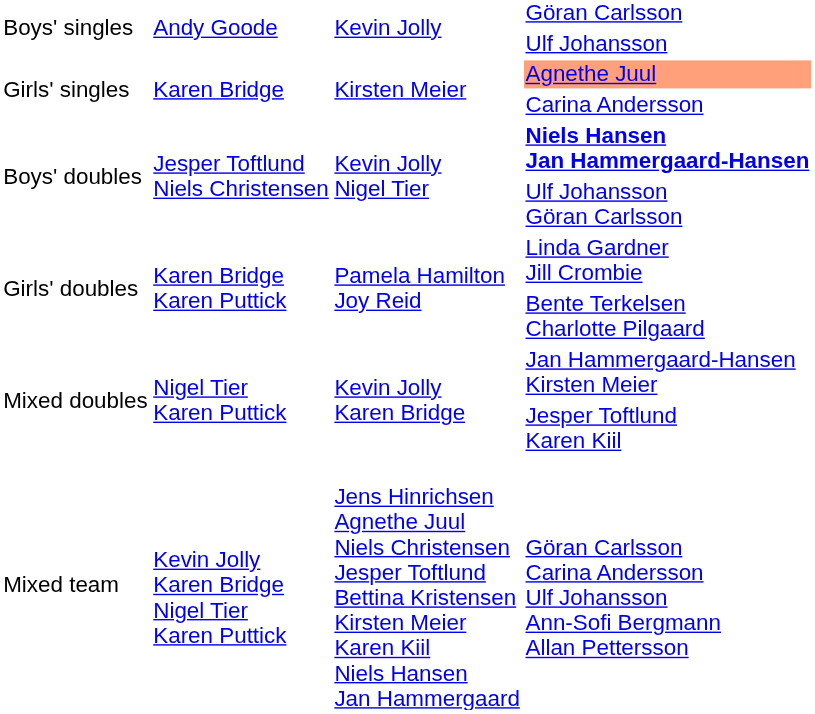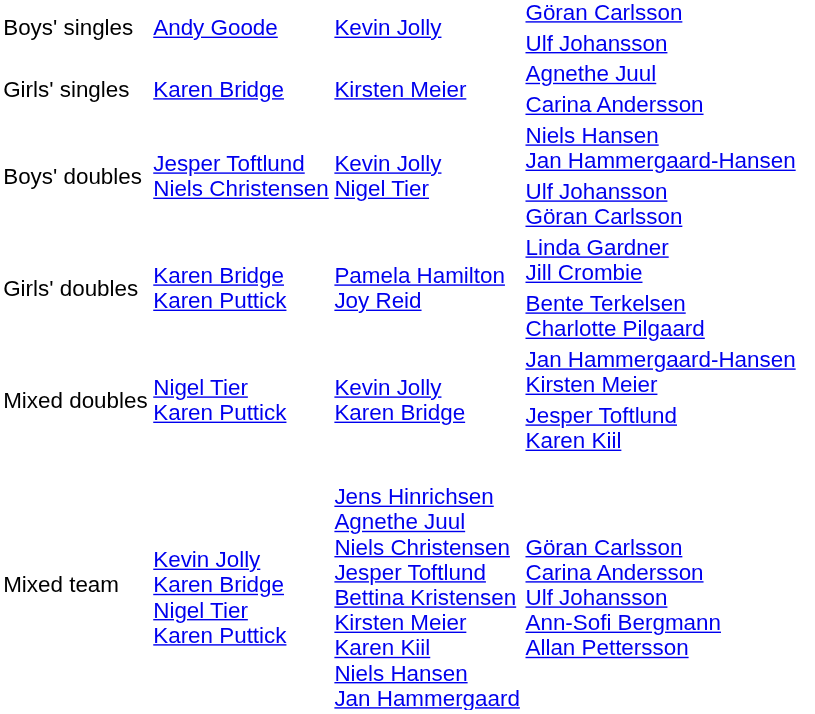 <table>
 <tr>
 <td rowspan=2>Boys' singles</td>
 <td rowspan=2> <a href='#'>Andy Goode</a></td>
 <td rowspan=2> <a href='#'>Kevin Jolly</a></td>
 <td> <a href='#'>Göran Carlsson</a></td>
 </tr>
 <tr>
 <td> <a href='#'>Ulf Johansson</a></td>
 </tr>
 <tr>
 <td rowspan=2>Girls' singles</td>
 <td rowspan=2> <a href='#'>Karen Bridge</a></td>
 <td rowspan=2> <a href='#'>Kirsten Meier</a></td>
-<td style="background: lightsalmon;"> <a href='#'>Agnethe Juul</a></td>
+<td> <a href='#'>Agnethe Juul</a></td>
 </tr>
 <tr>
 <td> <a href='#'>Carina Andersson</a></td>
 </tr>
 <tr>
 <td rowspan=2>Boys' doubles</td>
 <td rowspan=2> <a href='#'>Jesper Toftlund</a> <br>  <a href='#'>Niels Christensen</a></td>
 <td rowspan=2> <a href='#'>Kevin Jolly</a> <br>  <a href='#'>Nigel Tier</a></td>
-<td><strong> <a href='#'>Niels Hansen</a> <br>  <a href='#'>Jan Hammergaard-Hansen</a></strong></td>
+<td> <a href='#'>Niels Hansen</a> <br>  <a href='#'>Jan Hammergaard-Hansen</a></td>
 </tr>
 <tr>
 <td> <a href='#'>Ulf Johansson</a> <br>  <a href='#'>Göran Carlsson</a></td>
 </tr>
 <tr>
 <td rowspan=2>Girls' doubles</td>
 <td rowspan=2> <a href='#'>Karen Bridge</a> <br>  <a href='#'>Karen Puttick</a></td>
 <td rowspan=2> <a href='#'>Pamela Hamilton</a> <br>  <a href='#'>Joy Reid</a></td>
 <td> <a href='#'>Linda Gardner</a> <br>  <a href='#'>Jill Crombie</a></td>
 </tr>
 <tr>
 <td> <a href='#'>Bente Terkelsen</a> <br>  <a href='#'>Charlotte Pilgaard</a></td>
 </tr>
 <tr>
 <td rowspan=2>Mixed doubles</td>
 <td rowspan=2> <a href='#'>Nigel Tier</a> <br>  <a href='#'>Karen Puttick</a></td>
 <td rowspan=2> <a href='#'>Kevin Jolly</a> <br>  <a href='#'>Karen Bridge</a></td>
 <td> <a href='#'>Jan Hammergaard-Hansen</a> <br>  <a href='#'>Kirsten Meier</a></td>
 </tr>
 <tr>
 <td> <a href='#'>Jesper Toftlund</a> <br>  <a href='#'>Karen Kiil</a></td>
 </tr>
 <tr>
 <td>Mixed team</td>
 <td> <br> <a href='#'>Kevin Jolly</a> <br> <a href='#'>Karen Bridge</a> <br> <a href='#'>Nigel Tier</a> <br> <a href='#'>Karen Puttick</a></td>
 <td> <br> <a href='#'>Jens Hinrichsen</a> <br> <a href='#'>Agnethe Juul</a> <br> <a href='#'>Niels Christensen</a> <br> <a href='#'>Jesper Toftlund</a> <br> <a href='#'>Bettina Kristensen</a> <br> <a href='#'>Kirsten Meier</a> <br> <a href='#'>Karen Kiil</a> <br> <a href='#'>Niels Hansen</a> <br> <a href='#'>Jan Hammergaard</a></td>
 <td> <br> <a href='#'>Göran Carlsson</a> <br> <a href='#'>Carina Andersson</a> <br> <a href='#'>Ulf Johansson</a> <br> <a href='#'>Ann-Sofi Bergmann</a> <br> <a href='#'>Allan Pettersson</a></td>
 </tr>
 </table>
